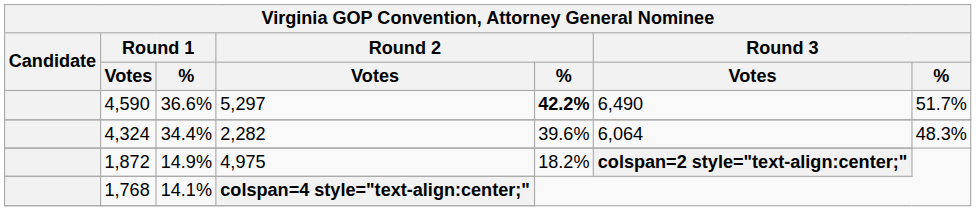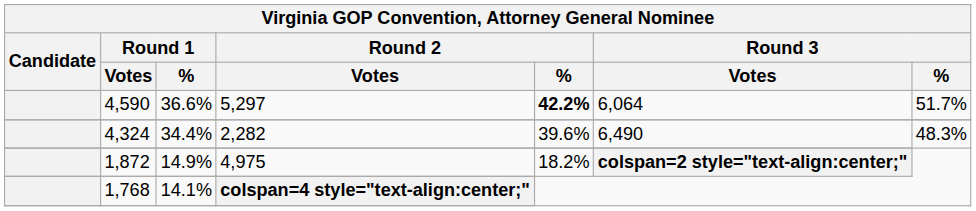 <table class="wikitable sortable">
 <tr>
 <th colspan=" 7 ">Virginia GOP Convention, Attorney General Nominee </th>
 </tr>
 <tr style="background:#eee; text-align:center;">
 <th rowspan=2 style="text-align:center;">Candidate</th>
 <th colspan=2 style="text-align:center;">Round 1</th>
 <th colspan=2 style="text-align:center;">Round 2</th>
 <th colspan=2 style="text-align:center;">Round 3</th>
 </tr>
 <tr>
 <th>Votes</th>
 <th>%</th>
 <th>Votes</th>
 <th>%</th>
 <th>Votes</th>
 <th>%</th>
 </tr>
 <tr>
 <th scope="row" style="text-align:left;"></th>
 <td>4,590</td>
 <td>36.6%</td>
 <td>5,297</td>
 <td><strong>42.2%</strong></td>
-<td> 6,490</td>
+<td>6,064</td>
 <td> 51.7%</td>
 </tr>
 <tr>
 </tr>
 <tr>
 <th scope="row" style="text-align:left;"></th>
 <td>4,324</td>
 <td>34.4%</td>
 <td>2,282</td>
 <td>39.6%</td>
-<td>6,064</td>
+<td> 6,490</td>
 <td>48.3%</td>
 </tr>
 <tr>
 </tr>
 <tr>
 <th scope="row" style="text-align:left;"></th>
 <td>1,872</td>
 <td>14.9%</td>
 <td>4,975</td>
 <td>18.2%</td>
 <th>colspan=2 style="text-align:center;" </th>
 </tr>
 <tr>
 </tr>
 <tr>
 <th scope="row" style="text-align:left;"></th>
 <td>1,768</td>
 <td>14.1%</td>
 <th>colspan=4 style="text-align:center;" </th>
 </tr>
 <tr>
 </tr>
 </table>
